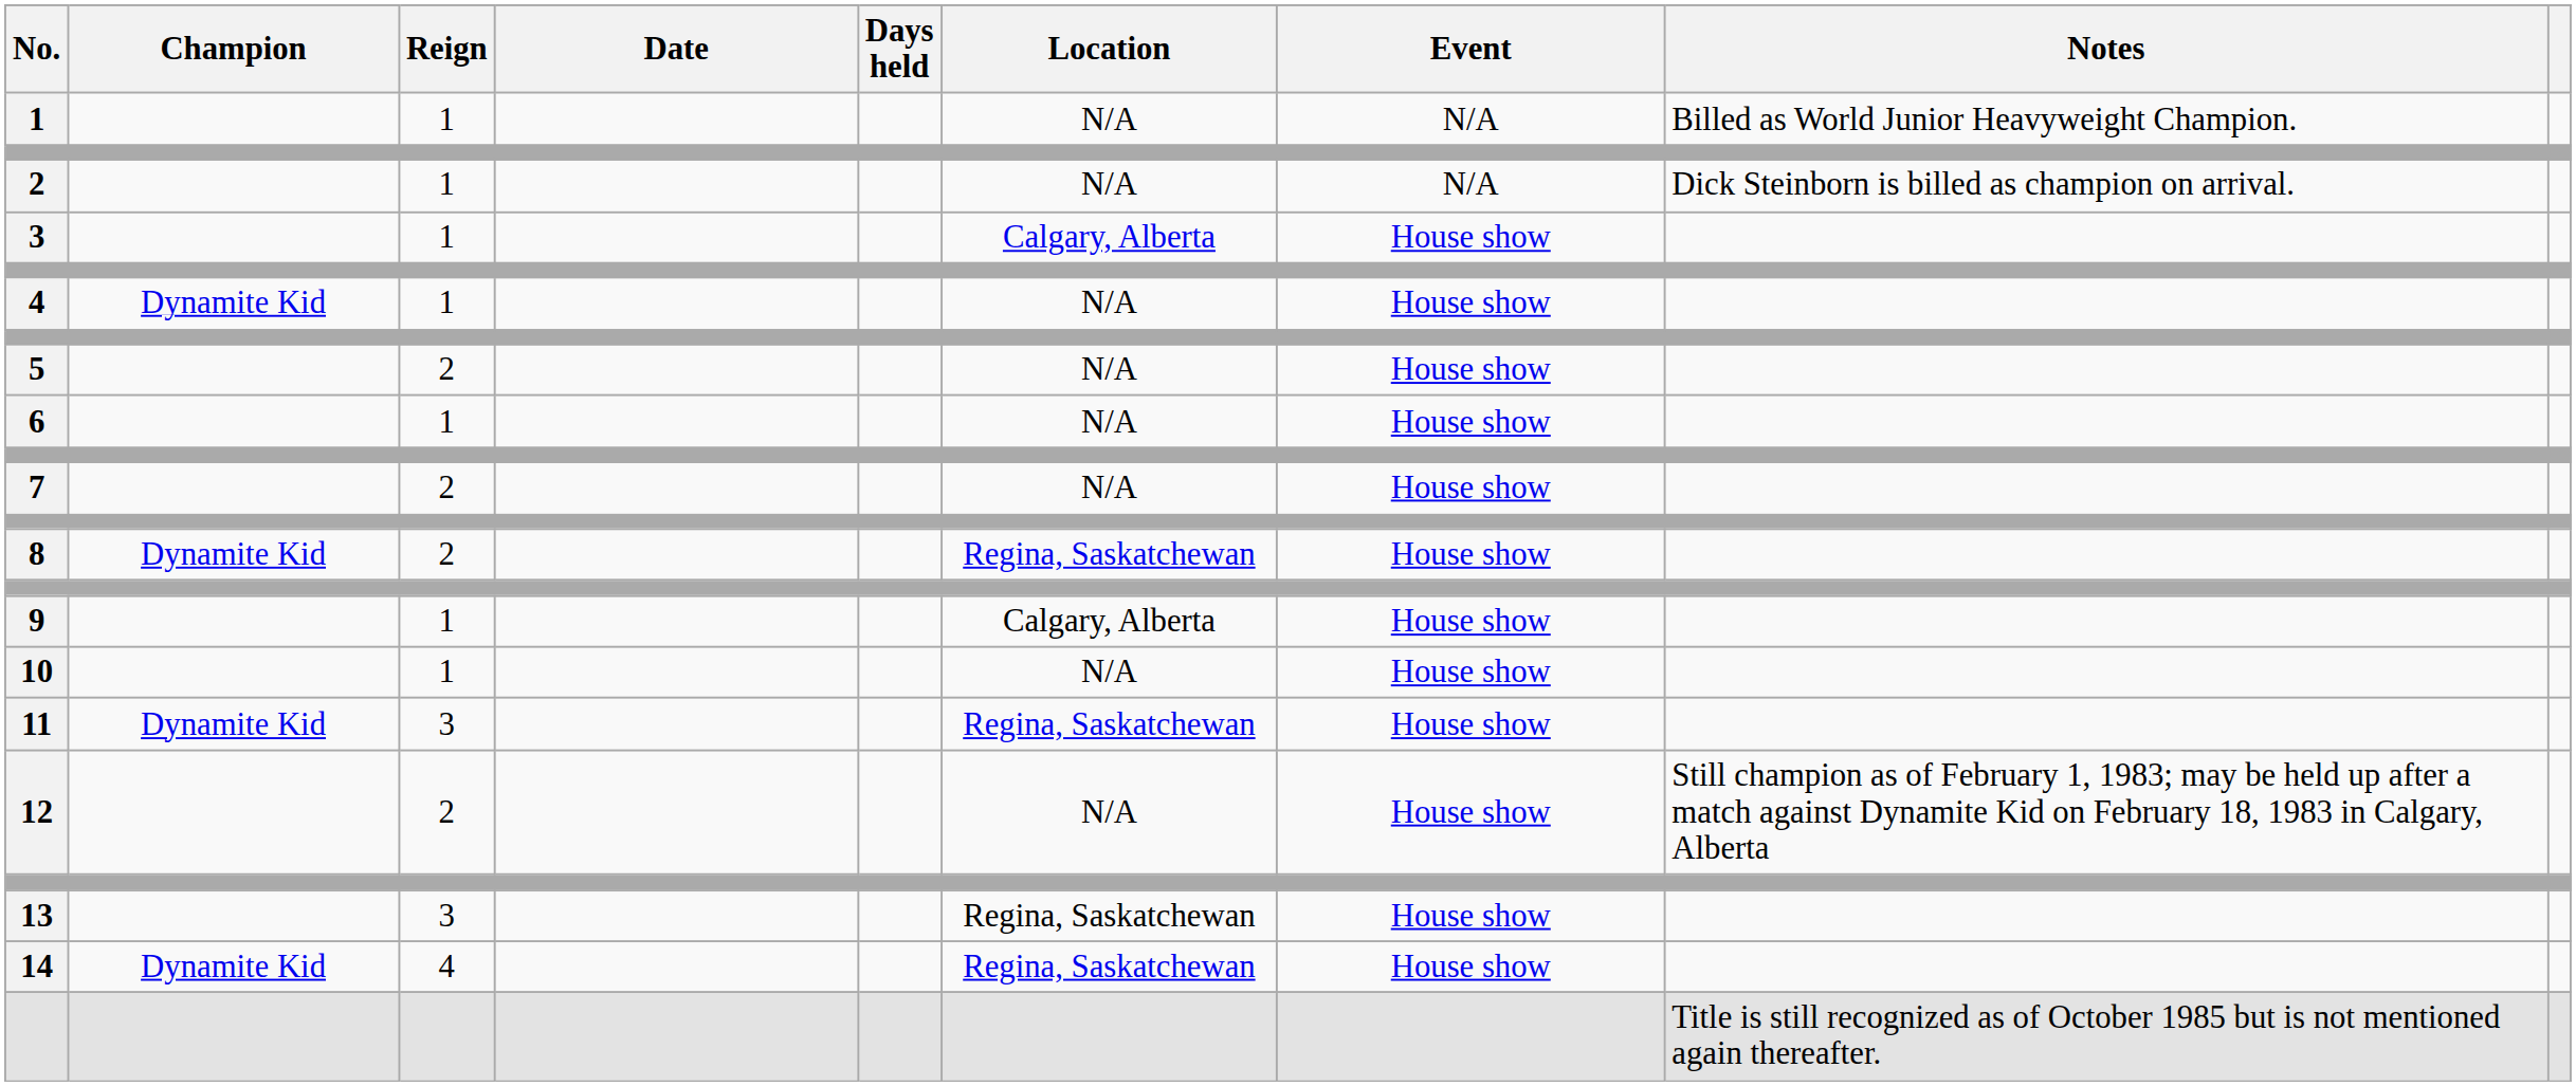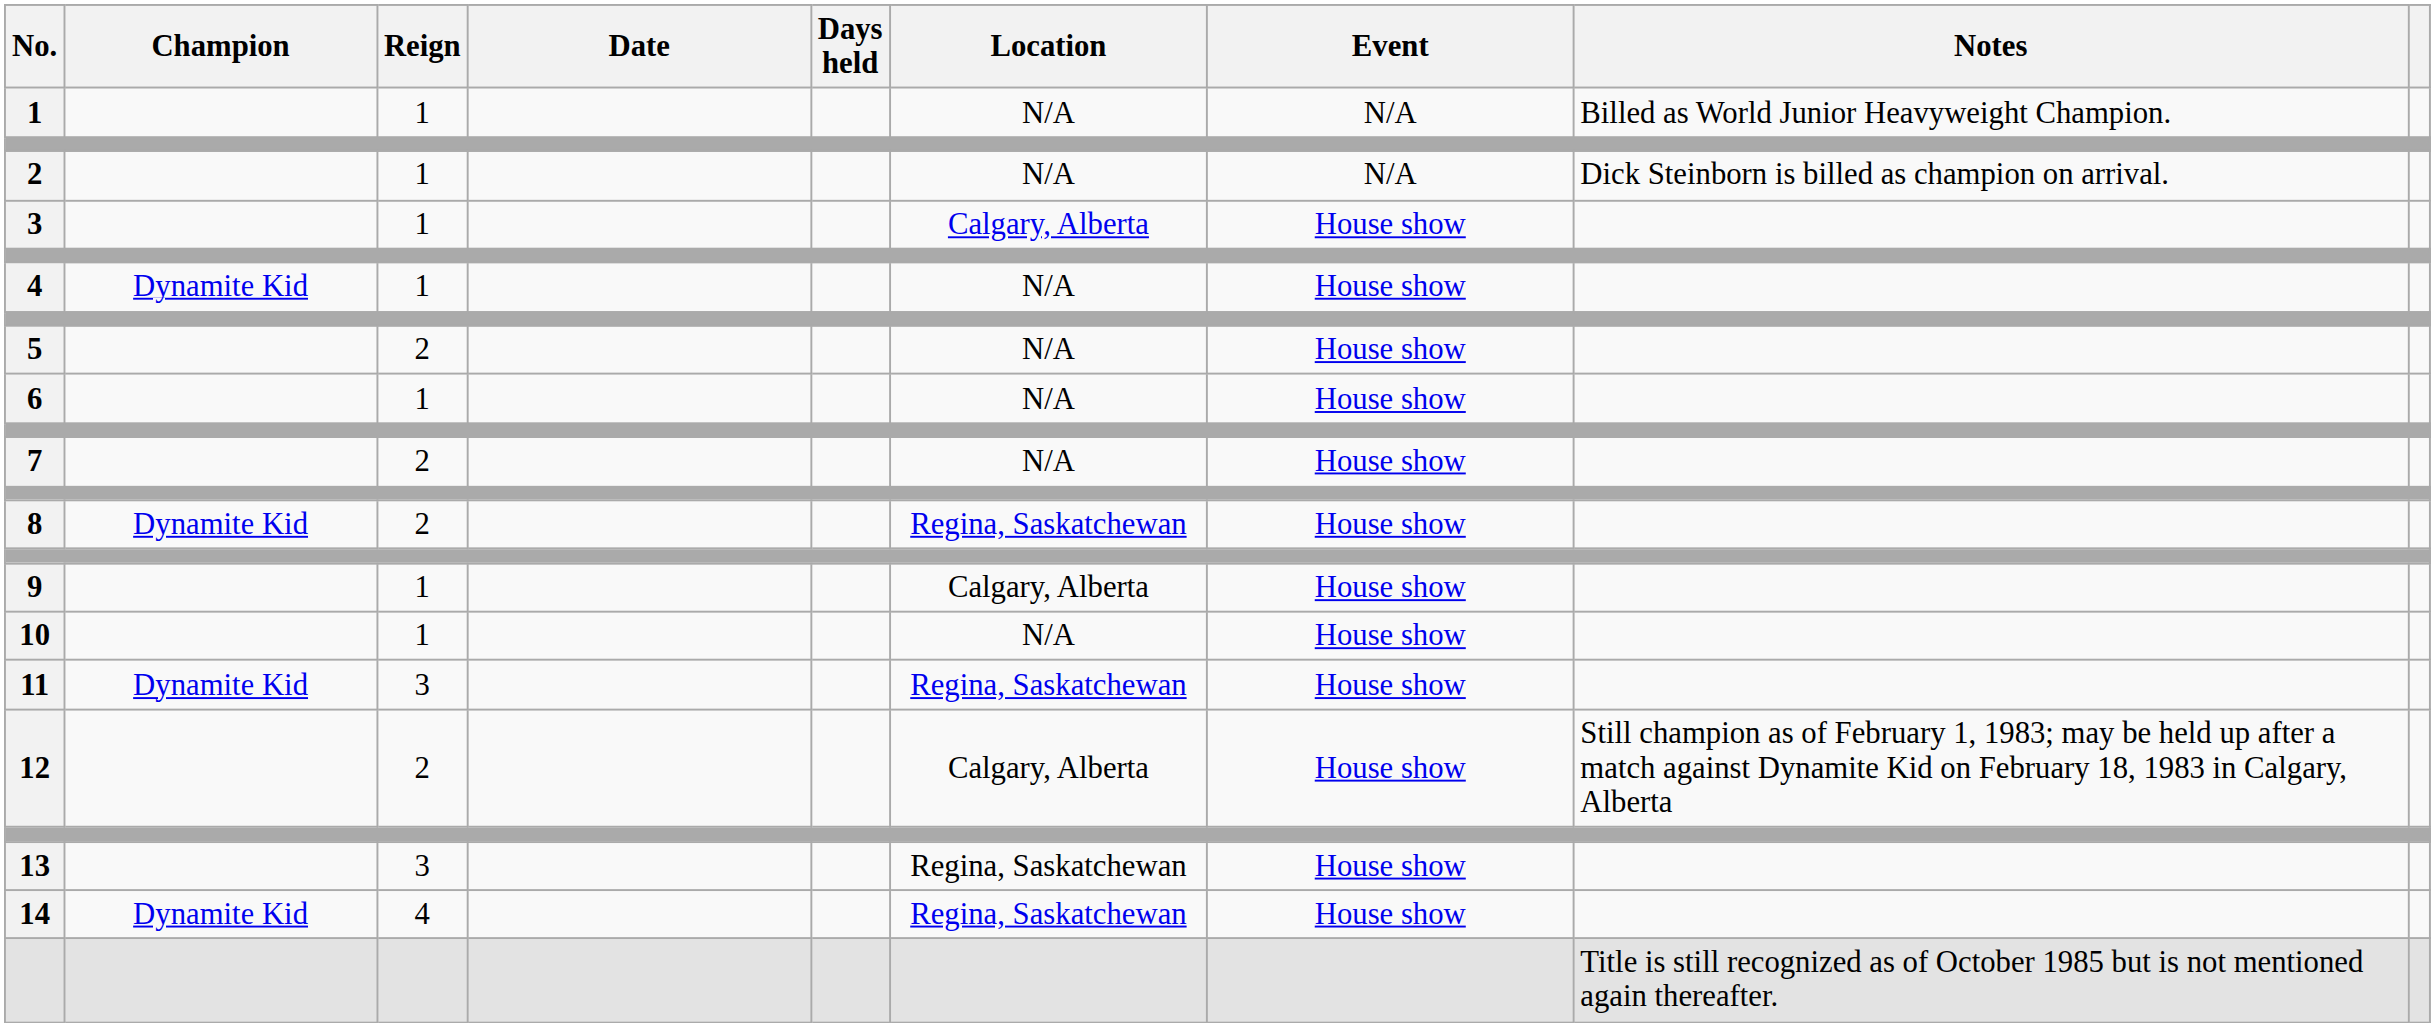 <table class="wikitable sortable" style="text-align: center" width=100%>
 <tr>
 <th width=0 data-sort-type="number" scope="col">No.</th>
 <th width=14% scope="col">Champion</th>
 <th width=0 scope="col">Reign</th>
 <th width=16% scope="col">Date</th>
 <th width=0 data-sort-type="number" scope="col">Days held</th>
 <th width=14% scope="col">Location</th>
 <th width=17% scope="col">Event</th>
 <th width=51% class="unsortable" scope="col">Notes</th>
 <th width=0 class="unsortable" scope="col"></th>
 </tr>
 <tr>
 <th scope=row>1</th>
 <td></td>
 <td>1</td>
 <td></td>
 <td></td>
 <td>N/A</td>
 <td>N/A</td>
 <td align=left>Billed as World Junior Heavyweight Champion.</td>
 <td> </td>
 </tr>
 <tr>
 <td style="background: #aaaaaa;" colspan=9></td>
 </tr>
 <tr>
 <th scope=row>2</th>
 <td></td>
 <td>1</td>
 <td></td>
 <td></td>
 <td>N/A</td>
 <td>N/A</td>
 <td align=left>Dick Steinborn is billed as champion on arrival.</td>
 <td> </td>
 </tr>
 <tr>
 <th scope=row>3</th>
 <td></td>
 <td>1</td>
 <td></td>
 <td></td>
 <td><a href='#'>Calgary, Alberta</a></td>
 <td><a href='#'>House show</a></td>
 <td align=left> </td>
 <td> </td>
 </tr>
 <tr>
 <td style="background: #aaaaaa;" colspan=9></td>
 </tr>
 <tr>
 <th scope=row>4</th>
 <td><a href='#'>Dynamite Kid</a></td>
 <td>1</td>
 <td></td>
 <td></td>
 <td>N/A</td>
 <td><a href='#'>House show</a></td>
 <td align=left> </td>
 <td> </td>
 </tr>
 <tr>
 <td style="background: #aaaaaa;" colspan=9></td>
 </tr>
 <tr>
 <th scope=row>5</th>
 <td></td>
 <td>2</td>
 <td></td>
 <td></td>
 <td>N/A</td>
 <td><a href='#'>House show</a></td>
 <td align=left> </td>
 <td> </td>
 </tr>
 <tr>
 <th scope=row>6</th>
 <td></td>
 <td>1</td>
 <td></td>
 <td></td>
 <td>N/A</td>
 <td><a href='#'>House show</a></td>
 <td align=left> </td>
 <td> </td>
 </tr>
 <tr>
 <td style="background: #aaaaaa;" colspan=9></td>
 </tr>
 <tr>
 <th scope=row>7</th>
 <td></td>
 <td>2</td>
 <td></td>
 <td></td>
 <td>N/A</td>
 <td><a href='#'>House show</a></td>
 <td align=left> </td>
 <td> </td>
 </tr>
 <tr>
 <td style="background: #aaaaaa;" colspan=9></td>
 </tr>
 <tr>
 <th scope=row>8</th>
 <td><a href='#'>Dynamite Kid</a></td>
 <td>2</td>
 <td></td>
 <td></td>
 <td><a href='#'>Regina, Saskatchewan</a></td>
 <td><a href='#'>House show</a></td>
 <td align=left> </td>
 <td> </td>
 </tr>
 <tr>
 <td style="background: #aaaaaa;" colspan=9></td>
 </tr>
 <tr>
 <th scope=row>9</th>
 <td></td>
 <td>1</td>
 <td></td>
 <td></td>
 <td>Calgary, Alberta</td>
 <td><a href='#'>House show</a></td>
 <td align=left> </td>
 <td> </td>
 </tr>
 <tr>
 <th scope=row>10</th>
 <td></td>
 <td>1</td>
 <td></td>
 <td></td>
 <td>N/A</td>
 <td><a href='#'>House show</a></td>
 <td align=left> </td>
 <td> </td>
 </tr>
 <tr>
 <th scope=row>11</th>
 <td><a href='#'>Dynamite Kid</a></td>
 <td>3</td>
 <td></td>
 <td></td>
 <td><a href='#'>Regina, Saskatchewan</a></td>
 <td><a href='#'>House show</a></td>
 <td align=left> </td>
 <td> </td>
 </tr>
 <tr>
 <th scope=row>12</th>
 <td></td>
 <td>2</td>
 <td></td>
 <td></td>
-<td>N/A</td>
+<td>Calgary, Alberta</td>
 <td><a href='#'>House show</a></td>
 <td align=left>Still champion as of February 1, 1983; may be held up after a match against Dynamite Kid on February 18, 1983 in Calgary, Alberta</td>
 <td> </td>
 </tr>
 <tr>
 <td style="background: #aaaaaa;" colspan=9></td>
 </tr>
 <tr>
 <th scope=row>13</th>
 <td></td>
 <td>3</td>
 <td></td>
 <td></td>
 <td>Regina, Saskatchewan</td>
 <td><a href='#'>House show</a></td>
 <td align=left> </td>
 <td></td>
 </tr>
 <tr>
 <th scope=row>14</th>
 <td><a href='#'>Dynamite Kid</a></td>
 <td>4</td>
 <td></td>
 <td></td>
 <td><a href='#'>Regina, Saskatchewan</a></td>
 <td><a href='#'>House show</a></td>
 <td align=left> </td>
 <td> </td>
 </tr>
 <tr style="background-color:#e3e3e3">
 <td scope="row"></td>
 <td></td>
 <td></td>
 <td></td>
 <td></td>
 <td></td>
 <td></td>
 <td align=left>Title is still recognized as of October 1985 but is not mentioned again thereafter.</td>
 <td></td>
 </tr>
 </table>
